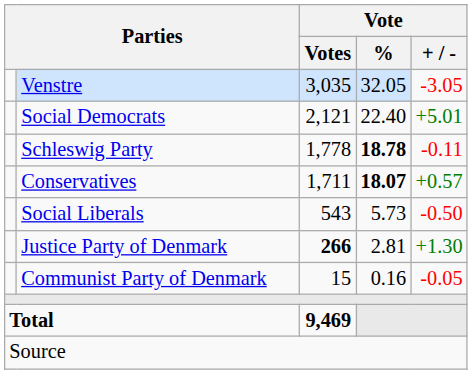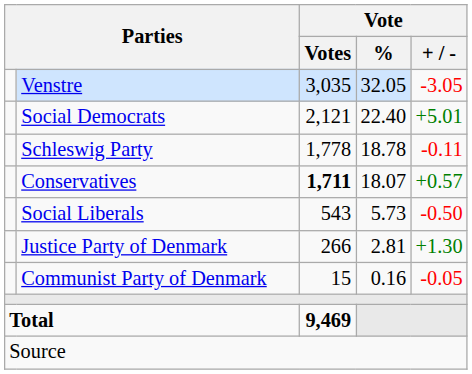 <table class="wikitable" style="text-align:right;">
 <tr>
 <th style="text-align:centre;" rowspan="2" colspan="2" width="225">Parties</th>
 <th colspan="3">Vote</th>
 </tr>
 <tr>
 <th width="15">Votes</th>
 <th width="15">%</th>
 <th width="15">+ / -</th>
 </tr>
 <tr>
 <td width="2" style="color:inherit;background:"></td>
 <td bgcolor=#cfe5fe  align="left"><a href='#'>Venstre</a></td>
 <td bgcolor=#cfe5fe>3,035</td>
 <td bgcolor=#cfe5fe>32.05</td>
 <td style=color:red;>-3.05</td>
 </tr>
 <tr>
 <td width="2" style="color:inherit;background:"></td>
 <td align="left"><a href='#'>Social Democrats</a></td>
 <td>2,121</td>
 <td>22.40</td>
 <td style=color:green;>+5.01</td>
 </tr>
 <tr>
 <td width="2" style="color:inherit;background:"></td>
 <td align="left"><a href='#'>Schleswig Party</a></td>
 <td>1,778</td>
-<td><strong>18.78</strong></td>
+<td>18.78</td>
 <td style=color:red;>-0.11</td>
 </tr>
 <tr>
 <td width="2" style="color:inherit;background:"></td>
 <td align="left"><a href='#'>Conservatives</a></td>
-<td>1,711</td>
-<td><strong>18.07</strong></td>
+<td><strong>1,711</strong></td>
+<td>18.07</td>
 <td style=color:green;>+0.57</td>
 </tr>
 <tr>
 <td width="2" style="color:inherit;background:"></td>
 <td align="left"><a href='#'>Social Liberals</a></td>
 <td>543</td>
 <td>5.73</td>
 <td style=color:red;>-0.50</td>
 </tr>
 <tr>
 <td width="2" style="color:inherit;background:"></td>
 <td align="left"><a href='#'>Justice Party of Denmark</a></td>
-<td><strong>266</strong></td>
+<td>266</td>
 <td>2.81</td>
 <td style=color:green;>+1.30</td>
 </tr>
 <tr>
 <td width="2" style="color:inherit;background:"></td>
 <td align="left"><a href='#'>Communist Party of Denmark</a></td>
 <td>15</td>
 <td>0.16</td>
 <td style=color:red;>-0.05</td>
 </tr>
 <tr>
 <td colspan="7" bgcolor="#E9E9E9"></td>
 </tr>
 <tr>
 <td align="left" colspan="2"><strong>Total</strong></td>
 <td><strong>9,469</strong></td>
 <td bgcolor="#E9E9E9" colspan="2"></td>
 </tr>
 <tr>
 <td align="left" colspan="6">Source</td>
 </tr>
 </table>
